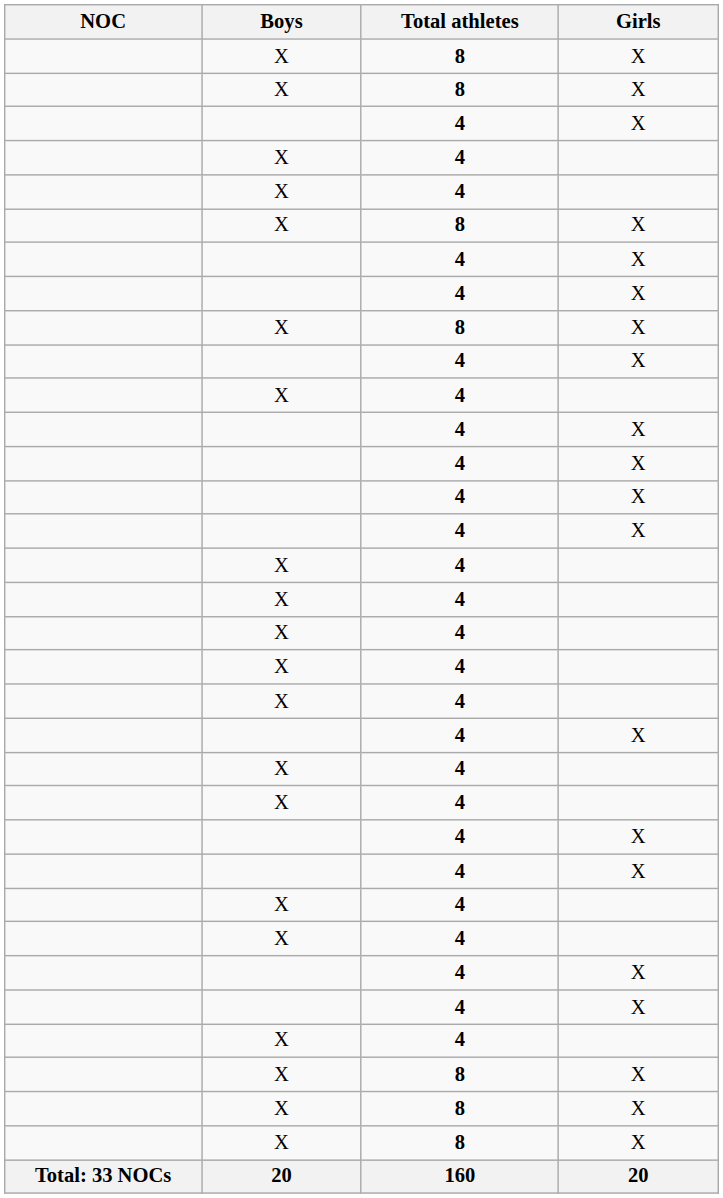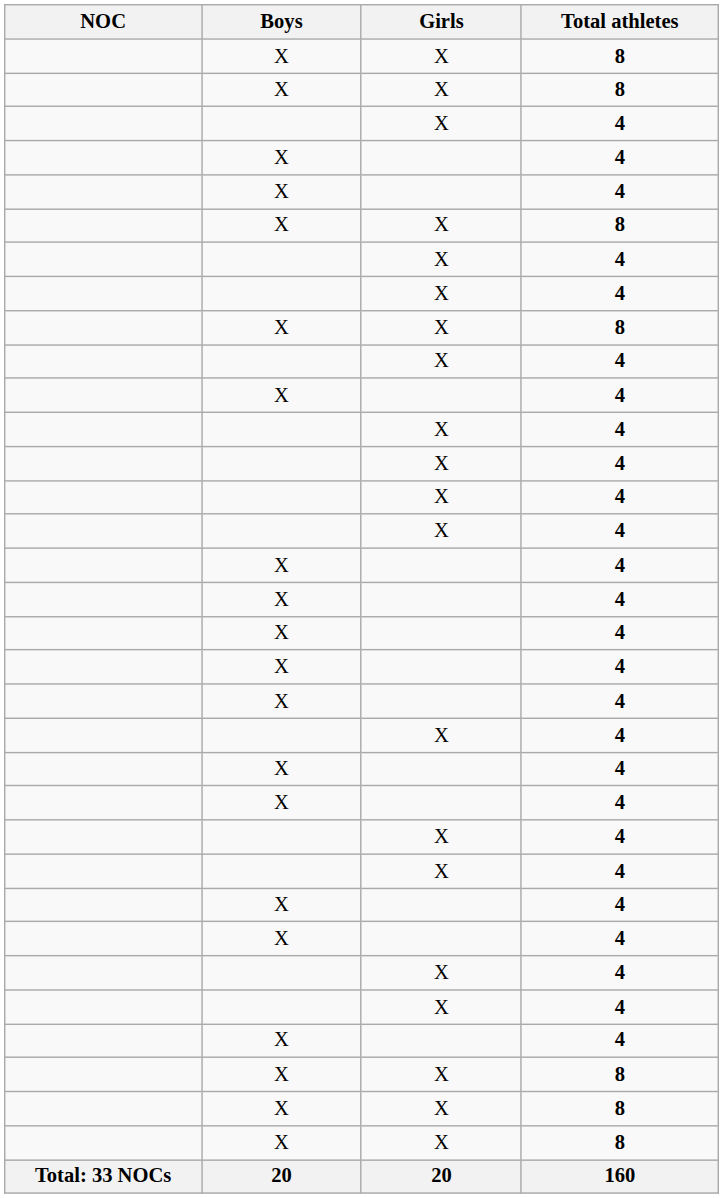 <table class="wikitable collapsible sortable"  style="width:500px; text-align:center; font-size:90%;">
 <tr>
 <th style="text-align:center; width:100px;"><strong>NOC</strong></th>
 <th width=80><strong>Boys</strong></th>
+<th width=80><strong>Girls</strong></th>
 <th width=100><strong>Total athletes</strong></th>
-<th width=80><strong>Girls</strong></th>
 </tr>
 <tr>
 <td align=left></td>
 <td>X</td>
+<td>X</td>
 <td><strong>8</strong></td>
-<td>X</td>
 </tr>
 <tr>
 <td align=left></td>
 <td>X</td>
+<td>X</td>
 <td><strong>8</strong></td>
-<td>X</td>
 </tr>
 <tr>
 <td align=left></td>
 <td></td>
+<td>X</td>
 <td><strong>4</strong></td>
-<td>X</td>
 </tr>
 <tr>
 <td align=left></td>
 <td>X</td>
+<td></td>
 <td><strong>4</strong></td>
-<td></td>
 </tr>
 <tr>
 <td align=left></td>
 <td>X</td>
+<td></td>
 <td><strong>4</strong></td>
-<td></td>
 </tr>
 <tr>
 <td align=left></td>
 <td>X</td>
+<td>X</td>
 <td><strong>8</strong></td>
-<td>X</td>
 </tr>
 <tr>
 <td align=left></td>
 <td></td>
+<td>X</td>
 <td><strong>4</strong></td>
-<td>X</td>
 </tr>
 <tr>
 <td align=left></td>
 <td></td>
+<td>X</td>
 <td><strong>4</strong></td>
-<td>X</td>
 </tr>
 <tr>
 <td align=left></td>
 <td>X</td>
+<td>X</td>
 <td><strong>8</strong></td>
-<td>X</td>
 </tr>
 <tr>
 <td align=left></td>
 <td></td>
+<td>X</td>
 <td><strong>4</strong></td>
-<td>X</td>
 </tr>
 <tr>
 <td align=left></td>
 <td>X</td>
+<td></td>
 <td><strong>4</strong></td>
-<td></td>
 </tr>
 <tr>
 <td align=left></td>
 <td></td>
+<td>X</td>
 <td><strong>4</strong></td>
-<td>X</td>
 </tr>
 <tr>
 <td align=left></td>
 <td></td>
+<td>X</td>
 <td><strong>4</strong></td>
-<td>X</td>
 </tr>
 <tr>
 <td align=left></td>
 <td></td>
+<td>X</td>
 <td><strong>4</strong></td>
-<td>X</td>
 </tr>
 <tr>
 <td align=left></td>
 <td></td>
+<td>X</td>
 <td><strong>4</strong></td>
-<td>X</td>
 </tr>
 <tr>
 <td align=left></td>
 <td>X</td>
+<td></td>
 <td><strong>4</strong></td>
-<td></td>
 </tr>
 <tr>
 <td align=left></td>
 <td>X</td>
+<td></td>
 <td><strong>4</strong></td>
-<td></td>
 </tr>
 <tr>
 <td align=left></td>
 <td>X</td>
+<td></td>
 <td><strong>4</strong></td>
-<td></td>
 </tr>
 <tr>
 <td align=left></td>
 <td>X</td>
+<td></td>
 <td><strong>4</strong></td>
-<td></td>
 </tr>
 <tr>
 <td align=left></td>
 <td>X</td>
+<td></td>
 <td><strong>4</strong></td>
-<td></td>
 </tr>
 <tr>
 <td align=left></td>
 <td></td>
+<td>X</td>
 <td><strong>4</strong></td>
-<td>X</td>
 </tr>
 <tr>
 <td align=left></td>
 <td>X</td>
+<td></td>
 <td><strong>4</strong></td>
-<td></td>
 </tr>
 <tr>
 <td align=left></td>
 <td>X</td>
+<td></td>
 <td><strong>4</strong></td>
-<td></td>
 </tr>
 <tr>
 <td align=left></td>
 <td></td>
+<td>X</td>
 <td><strong>4</strong></td>
-<td>X</td>
 </tr>
 <tr>
 <td align=left></td>
 <td></td>
+<td>X</td>
 <td><strong>4</strong></td>
-<td>X</td>
 </tr>
 <tr>
 <td align=left></td>
 <td>X</td>
+<td></td>
 <td><strong>4</strong></td>
-<td></td>
 </tr>
 <tr>
 <td align=left></td>
 <td>X</td>
+<td></td>
 <td><strong>4</strong></td>
-<td></td>
 </tr>
 <tr>
 <td align=left></td>
 <td></td>
+<td>X</td>
 <td><strong>4</strong></td>
-<td>X</td>
 </tr>
 <tr>
 <td align=left></td>
 <td></td>
+<td>X</td>
 <td><strong>4</strong></td>
-<td>X</td>
 </tr>
 <tr>
 <td align=left></td>
 <td>X</td>
+<td></td>
 <td><strong>4</strong></td>
-<td></td>
 </tr>
 <tr>
 <td align=left></td>
 <td>X</td>
+<td>X</td>
 <td><strong>8</strong></td>
-<td>X</td>
 </tr>
 <tr>
 <td align=left></td>
 <td>X</td>
+<td>X</td>
 <td><strong>8</strong></td>
-<td>X</td>
 </tr>
 <tr>
 <td align=left></td>
 <td>X</td>
+<td>X</td>
 <td><strong>8</strong></td>
-<td>X</td>
 </tr>
 <tr>
 <th>Total: 33 NOCs</th>
 <th>20</th>
+<th>20</th>
 <th>160</th>
-<th>20</th>
 </tr>
 </table>
